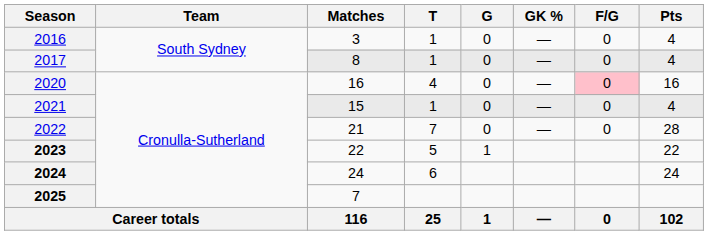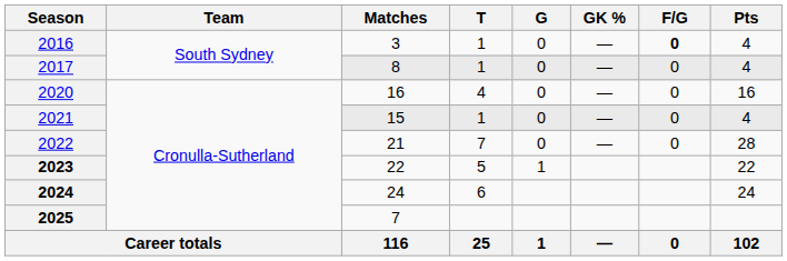 <table class="wikitable sortable"  style="font-size:90%; text-align:center; width:80%;">
 <tr>
 <th width=2%>Season</th>
 <th width=8%>Team</th>
 <th width=2%>Matches</th>
 <th width=2%>T</th>
 <th width=2%>G</th>
 <th width=2%>GK %</th>
 <th width=2%>F/G</th>
 <th width=2%>Pts</th>
 </tr>
 <tr>
 <th scope="row" style="text-align:center; font-weight:normal"><a href='#'>2016</a></th>
 <td rowspan="2" style="text-align:center;"> <a href='#'>South Sydney</a></td>
 <td>3</td>
 <td>1</td>
 <td>0</td>
 <td>—</td>
-<td>0</td>
+<td><strong>0</strong></td>
 <td>4</td>
 </tr>
 <tr style="background:#eaeaea;">
 <th scope="row" style="text-align:center; font-weight:normal"><a href='#'>2017</a></th>
 <td>8</td>
 <td>1</td>
 <td>0</td>
 <td>—</td>
 <td>0</td>
 <td>4</td>
 </tr>
 <tr>
 <th scope="row" style="text-align:center; font-weight:normal"><a href='#'>2020</a></th>
 <td rowspan="6" style="text-align:center;"> <a href='#'>Cronulla-Sutherland</a></td>
 <td>16</td>
 <td>4</td>
 <td>0</td>
 <td>—</td>
-<td style="background: pink;">0</td>
+<td>0</td>
 <td>16</td>
 </tr>
 <tr style="background:#eaeaea;">
 <th scope="row" style="text-align:center; font-weight:normal"><a href='#'>2021</a></th>
 <td>15</td>
 <td>1</td>
 <td>0</td>
 <td>—</td>
 <td>0</td>
 <td>4</td>
 </tr>
 <tr>
 <th scope="row" style="text-align:center; font-weight:normal"><a href='#'>2022</a></th>
 <td>21</td>
 <td>7</td>
 <td>0</td>
 <td>—</td>
 <td>0</td>
 <td>28</td>
 </tr>
 <tr>
 <th>2023</th>
 <td>22</td>
 <td>5</td>
 <td>1</td>
 <td></td>
 <td></td>
 <td>22</td>
 </tr>
 <tr>
 <th>2024</th>
 <td>24</td>
 <td>6</td>
 <td></td>
 <td></td>
 <td></td>
 <td>24</td>
 </tr>
 <tr>
 <th>2025</th>
 <td>7</td>
 <td></td>
 <td></td>
 <td></td>
 <td></td>
 <td></td>
 </tr>
 <tr class="sortbottom">
 <th colspan="2">Career totals</th>
 <th>116</th>
 <th>25</th>
 <th>1</th>
 <th>—</th>
 <th>0</th>
 <th>102</th>
 </tr>
 </table>
